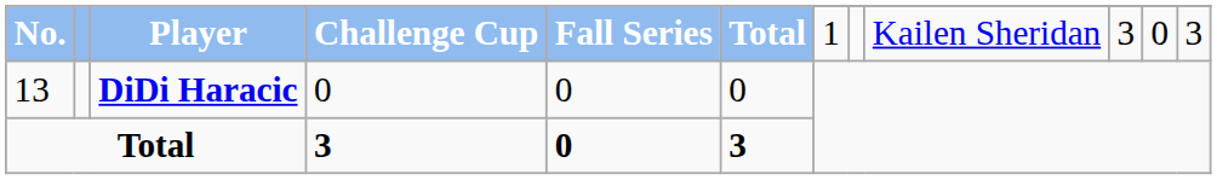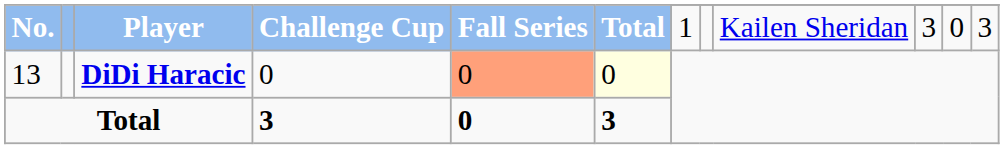 <table class="wikitable sortable">
 <tr>
 <th rowspan="2" style="background:#90bbee; color:white;"><strong>No.</strong></th>
 <th rowspan="2" style="background:#90bbee; color:white;"><strong></strong></th>
 <th rowspan="2" style="background:#90bbee; color:white;"><strong>Player</strong></th>
 <th rowspan="2" style="background:#90bbee; color:white;"><strong>Challenge Cup</strong></th>
 <th rowspan="2" style="background:#90bbee; color:white;"><strong>Fall Series</strong></th>
 <th rowspan="2" style="background:#90bbee; color:white;"><strong>Total</strong></th>
 </tr>
 <tr>
 <td>1</td>
 <td></td>
 <td><a href='#'>Kailen Sheridan</a></td>
 <td>3</td>
 <td>0</td>
 <td>3</td>
 </tr>
 <tr>
 <td>13</td>
 <td></td>
 <td><strong><a href='#'>DiDi Haracic</a></strong></td>
 <td>0</td>
-<td>0</td>
-<td>0</td>
+<td style="background: lightsalmon;">0</td>
+<td style="background: lightyellow;">0</td>
 </tr>
 <tr>
 <td colspan="3" style="text-align:center;"><strong>Total</strong></td>
 <td><strong>3</strong></td>
 <td><strong>0</strong></td>
 <td><strong>3</strong></td>
 </tr>
 </table>
